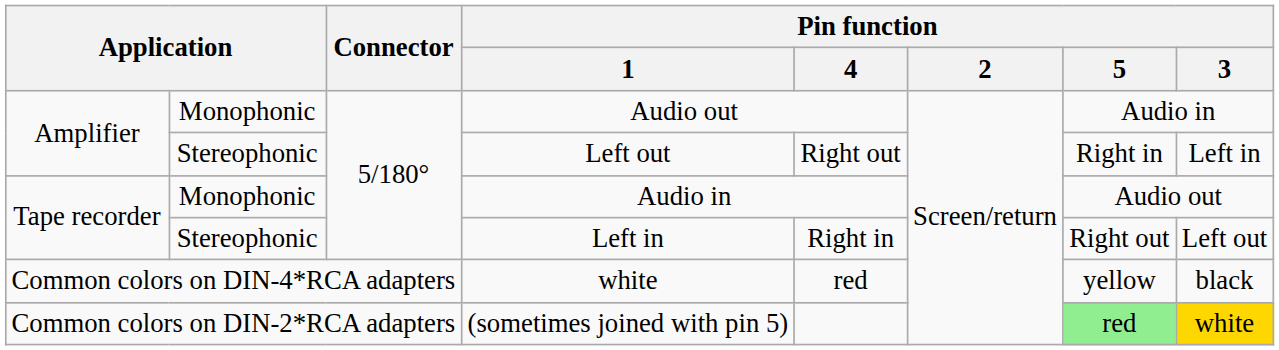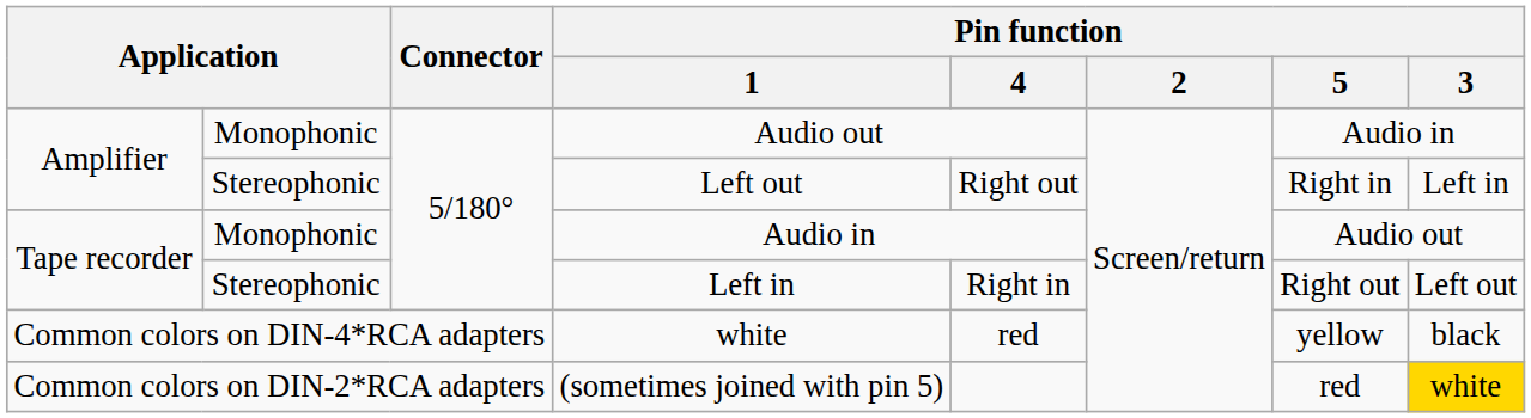 <table class=wikitable align=right style="text-align:center">
 <tr>
 <th colspan=2 rowspan=2>Application</th>
 <th rowspan=2>Connector</th>
 <th colspan=5>Pin function</th>
 </tr>
 <tr>
 <th>1</th>
 <th>4</th>
 <th>2</th>
 <th>5</th>
 <th>3</th>
 </tr>
 <tr>
 <td rowspan=2>Amplifier</td>
 <td>Monophonic</td>
 <td rowspan=4> 5/180°</td>
 <td colspan=2>Audio out</td>
 <td rowspan=6>Screen/return</td>
 <td colspan=2>Audio in</td>
 </tr>
 <tr>
 <td>Stereophonic</td>
 <td>Left out</td>
 <td>Right out</td>
 <td>Right in</td>
 <td>Left in</td>
 </tr>
 <tr>
 <td rowspan=2>Tape recorder</td>
 <td>Monophonic</td>
 <td colspan=2>Audio in</td>
 <td colspan=2>Audio out</td>
 </tr>
 <tr>
 <td>Stereophonic</td>
 <td>Left in</td>
 <td>Right in</td>
 <td>Right out</td>
 <td>Left out</td>
 </tr>
 <tr>
 <td colspan=3>Common colors on DIN-4*RCA adapters</td>
 <td>white</td>
 <td>red</td>
 <td>yellow</td>
 <td>black</td>
 </tr>
 <tr>
 <td colspan=3>Common colors on DIN-2*RCA adapters</td>
 <td>(sometimes joined with pin 5)</td>
 <td></td>
-<td style="background: lightgreen;">red</td>
+<td>red</td>
 <td style="background: gold;">white</td>
 </tr>
 </table>
